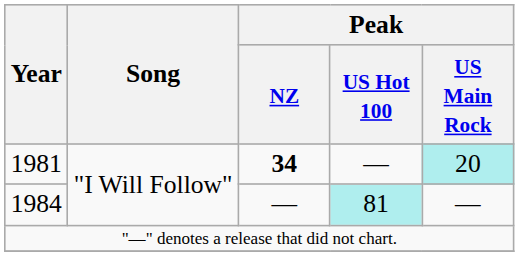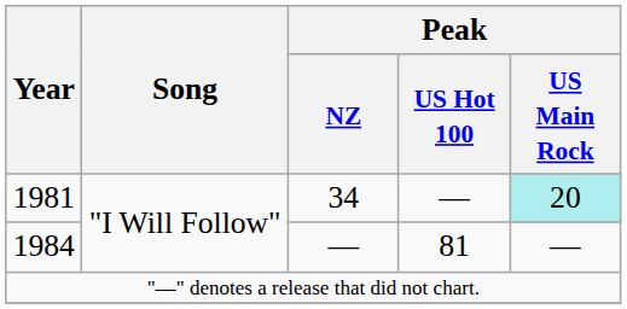 <table class="wikitable">
 <tr>
 <th rowspan="2">Year</th>
 <th rowspan="2">Song</th>
 <th colspan="6">Peak</th>
 </tr>
 <tr>
 <th width="50"><small><a href='#'>NZ</a><br></small></th>
 <th width="50"><small><a href='#'>US Hot 100</a><br></small></th>
 <th width="50"><small><a href='#'>US Main Rock</a><br></small></th>
 </tr>
 <tr>
 <td>1981</td>
 <td rowspan=2>"I Will Follow"</td>
-<td align="center"><strong>34</strong></td>
+<td align="center">34</td>
 <td align="center">—</td>
 <td align="center" style="background: paleturquoise;">20</td>
 </tr>
 <tr>
 <td>1984</td>
 <td align="center">—</td>
-<td align="center" style="background: paleturquoise;">81</td>
+<td align="center">81</td>
 <td align="center">—</td>
 </tr>
 <tr>
 <td align="center" colspan="5" style="font-size: 8pt">"—" denotes a release that did not chart.</td>
 </tr>
 <tr>
 </tr>
 </table>
